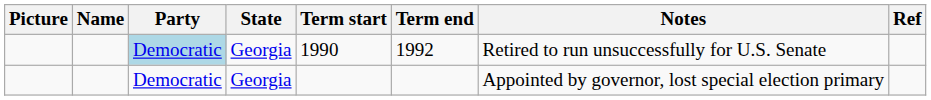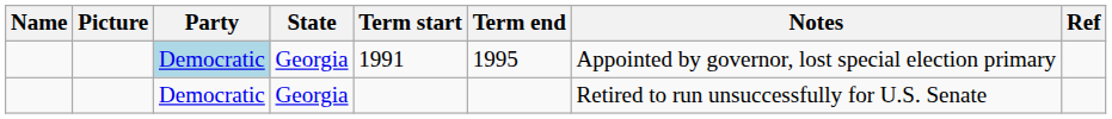 <table class="wikitable sortable">
 <tr>
+<th>Name</th>
 <th>Picture</th>
-<th>Name</th>
 <th>Party</th>
 <th>State</th>
 <th>Term start</th>
 <th>Term end</th>
 <th>Notes</th>
 <th>Ref</th>
 </tr>
 <tr>
+<td><br></td>
 <td></td>
-<td><br></td>
 <td style="background: lightblue;"><a href='#'>Democratic</a></td>
 <td><a href='#'>Georgia</a></td>
-<td>1990</td>
-<td>1992</td>
-<td>Retired to run unsuccessfully for U.S. Senate</td>
+<td>1991</td>
+<td>1995</td>
+<td>Appointed by governor, lost special election primary</td>
 <td></td>
 </tr>
 <tr>
+<td><br></td>
 <td></td>
-<td><br></td>
 <td><a href='#'>Democratic</a></td>
 <td><a href='#'>Georgia</a></td>
 <td></td>
 <td></td>
-<td>Appointed by governor, lost special election primary</td>
+<td>Retired to run unsuccessfully for U.S. Senate</td>
 <td></td>
 </tr>
 </table>
